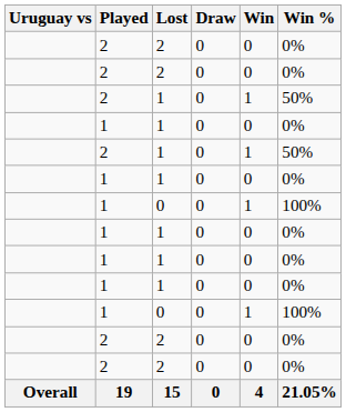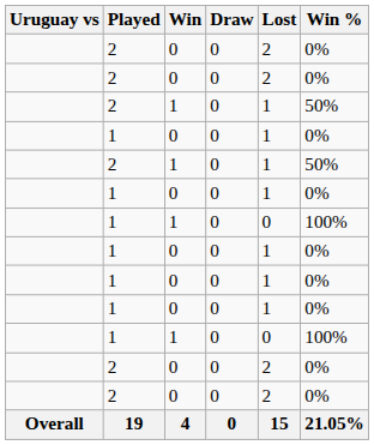 <table class="wikitable">
 <tr>
 <th>Uruguay vs</th>
 <th>Played</th>
+<th>Win</th>
+<th>Draw</th>
 <th>Lost</th>
-<th>Draw</th>
-<th>Win</th>
 <th>Win %</th>
 </tr>
 <tr>
 <td></td>
 <td>2</td>
-<td>2</td>
 <td>0</td>
 <td>0</td>
+<td>2</td>
 <td>0%</td>
 </tr>
 <tr>
 <td></td>
 <td>2</td>
-<td>2</td>
 <td>0</td>
 <td>0</td>
+<td>2</td>
 <td>0%</td>
 </tr>
 <tr>
 <td></td>
 <td>2</td>
 <td>1</td>
 <td>0</td>
 <td>1</td>
 <td>50%</td>
 </tr>
 <tr>
 <td></td>
 <td>1</td>
-<td>1</td>
 <td>0</td>
 <td>0</td>
+<td>1</td>
 <td>0%</td>
 </tr>
 <tr>
 <td></td>
 <td>2</td>
 <td>1</td>
 <td>0</td>
 <td>1</td>
 <td>50%</td>
 </tr>
 <tr>
 <td></td>
 <td>1</td>
+<td>0</td>
+<td>0</td>
+<td>1</td>
+<td>0%</td>
+</tr>
+<tr>
+<td></td>
+<td>1</td>
 <td>1</td>
 <td>0</td>
 <td>0</td>
+<td>100%</td>
+</tr>
+<tr>
+<td></td>
+<td>1</td>
+<td>0</td>
+<td>0</td>
+<td>1</td>
 <td>0%</td>
 </tr>
 <tr>
 <td></td>
 <td>1</td>
 <td>0</td>
 <td>0</td>
 <td>1</td>
-<td>100%</td>
+<td>0%</td>
 </tr>
 <tr>
 <td></td>
 <td>1</td>
-<td>1</td>
 <td>0</td>
 <td>0</td>
+<td>1</td>
 <td>0%</td>
 </tr>
 <tr>
 <td></td>
 <td>1</td>
 <td>1</td>
 <td>0</td>
 <td>0</td>
-<td>0%</td>
-</tr>
-<tr>
-<td></td>
-<td>1</td>
-<td>1</td>
-<td>0</td>
-<td>0</td>
-<td>0%</td>
-</tr>
-<tr>
-<td></td>
-<td>1</td>
-<td>0</td>
-<td>0</td>
-<td>1</td>
 <td>100%</td>
 </tr>
 <tr>
 <td></td>
 <td>2</td>
-<td>2</td>
 <td>0</td>
 <td>0</td>
+<td>2</td>
 <td>0%</td>
 </tr>
 <tr>
 <td></td>
 <td>2</td>
-<td>2</td>
 <td>0</td>
 <td>0</td>
+<td>2</td>
 <td>0%</td>
 </tr>
 <tr>
 <th>Overall</th>
 <th>19</th>
+<th>4</th>
+<th>0</th>
 <th>15</th>
-<th>0</th>
-<th>4</th>
 <th>21.05%</th>
 </tr>
 </table>
